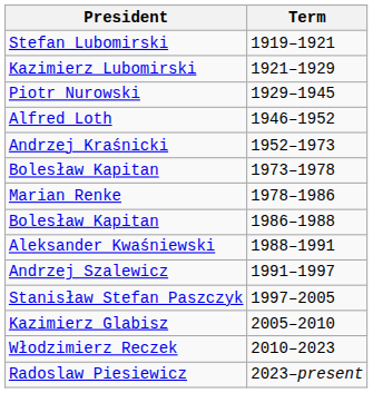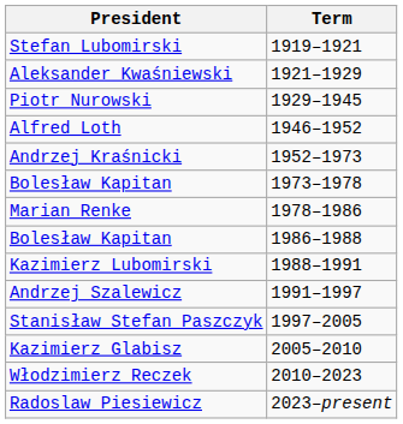 <table class="wikitable">
 <tr>
 <th>President</th>
 <th>Term</th>
 </tr>
 <tr>
 <td><a href='#'>Stefan Lubomirski</a></td>
 <td>1919–1921</td>
 </tr>
 <tr>
-<td><a href='#'>Kazimierz Lubomirski</a></td>
+<td><a href='#'>Aleksander Kwaśniewski</a></td>
 <td>1921–1929</td>
 </tr>
 <tr>
 <td><a href='#'>Piotr Nurowski</a></td>
 <td>1929–1945</td>
 </tr>
 <tr>
 <td><a href='#'>Alfred Loth</a></td>
 <td>1946–1952</td>
 </tr>
 <tr>
 <td><a href='#'>Andrzej Kraśnicki</a></td>
 <td>1952–1973</td>
 </tr>
 <tr>
 <td><a href='#'>Bolesław Kapitan</a></td>
 <td>1973–1978</td>
 </tr>
 <tr>
 <td><a href='#'>Marian Renke</a></td>
 <td>1978–1986</td>
 </tr>
 <tr>
 <td><a href='#'>Bolesław Kapitan</a></td>
 <td>1986–1988</td>
 </tr>
 <tr>
-<td><a href='#'>Aleksander Kwaśniewski</a></td>
+<td><a href='#'>Kazimierz Lubomirski</a></td>
 <td>1988–1991</td>
 </tr>
 <tr>
 <td><a href='#'>Andrzej Szalewicz</a></td>
 <td>1991–1997</td>
 </tr>
 <tr>
 <td><a href='#'>Stanisław Stefan Paszczyk</a></td>
 <td>1997–2005</td>
 </tr>
 <tr>
 <td><a href='#'>Kazimierz Glabisz</a></td>
 <td>2005–2010</td>
 </tr>
 <tr>
 <td><a href='#'>Włodzimierz Reczek</a></td>
 <td>2010–2023</td>
 </tr>
 <tr>
 <td><a href='#'>Radoslaw Piesiewicz</a></td>
 <td>2023–<em>present</em></td>
 </tr>
 </table>
